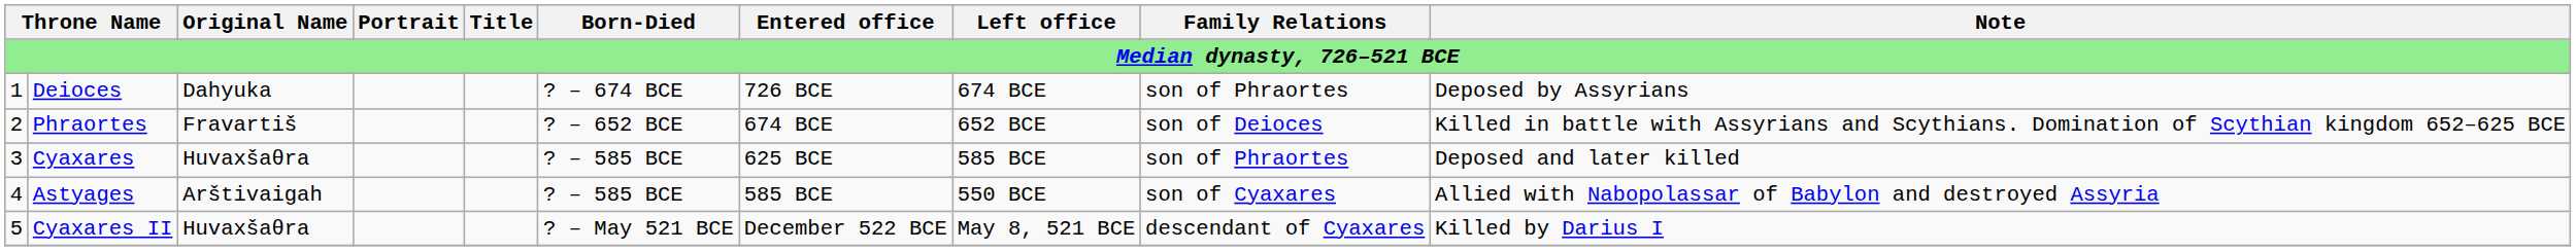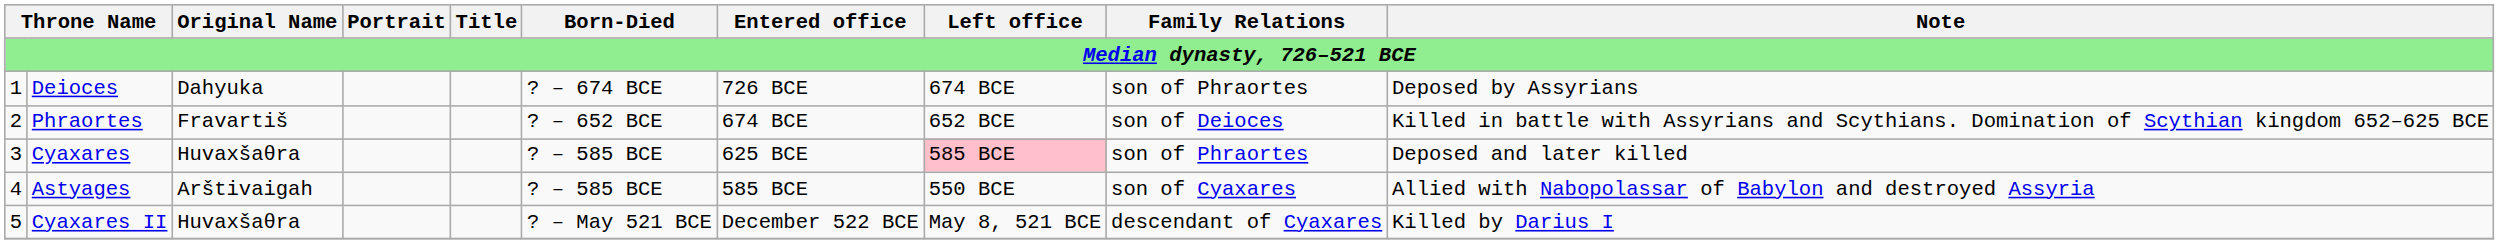 <table class="wikitable">
 <tr>
 <th colspan=2>Throne Name</th>
 <th>Original Name</th>
 <th>Portrait</th>
 <th>Title</th>
 <th>Born-Died</th>
 <th>Entered office</th>
 <th>Left office</th>
 <th>Family Relations</th>
 <th>Note</th>
 </tr>
 <tr>
 <td colspan="10" align=center style="background-color:Lightgreen"><strong><em><a href='#'>Median</a> dynasty, 726–521 BCE</em></strong></td>
 </tr>
 <tr>
 <td>1</td>
 <td><a href='#'>Deioces</a></td>
 <td>Dahyuka</td>
 <td></td>
 <td></td>
 <td>? – 674 BCE</td>
 <td>726 BCE</td>
 <td>674 BCE</td>
 <td>son of Phraortes</td>
 <td>Deposed by Assyrians</td>
 </tr>
 <tr>
 <td>2</td>
 <td><a href='#'>Phraortes</a></td>
 <td>Fravartiš</td>
 <td></td>
 <td></td>
 <td>? – 652 BCE</td>
 <td>674 BCE</td>
 <td>652 BCE</td>
 <td>son of <a href='#'>Deioces</a></td>
 <td>Killed in battle with Assyrians and Scythians. Domination of <a href='#'>Scythian</a> kingdom 652–625 BCE</td>
 </tr>
 <tr>
 <td>3</td>
 <td><a href='#'>Cyaxares</a></td>
 <td>Huvaxšaθra</td>
 <td></td>
 <td></td>
 <td>? – 585 BCE</td>
 <td>625 BCE</td>
-<td>585 BCE</td>
+<td style="background: pink;">585 BCE</td>
 <td>son of <a href='#'>Phraortes</a></td>
 <td>Deposed and later killed</td>
 </tr>
 <tr>
 <td>4</td>
 <td><a href='#'>Astyages</a></td>
 <td>Arštivaigah</td>
 <td></td>
 <td></td>
 <td>? – 585 BCE</td>
 <td>585 BCE</td>
 <td>550 BCE</td>
 <td>son of <a href='#'>Cyaxares</a></td>
 <td>Allied with <a href='#'>Nabopolassar</a> of <a href='#'>Babylon</a> and destroyed <a href='#'>Assyria</a></td>
 </tr>
 <tr>
 <td>5</td>
 <td><a href='#'>Cyaxares II</a></td>
 <td>Huvaxšaθra</td>
 <td></td>
 <td></td>
 <td>? – May 521 BCE</td>
 <td>December 522 BCE</td>
 <td>May 8, 521 BCE</td>
 <td>descendant of <a href='#'>Cyaxares</a></td>
 <td>Killed by <a href='#'>Darius I</a></td>
 </tr>
 <tr>
 </tr>
 </table>
